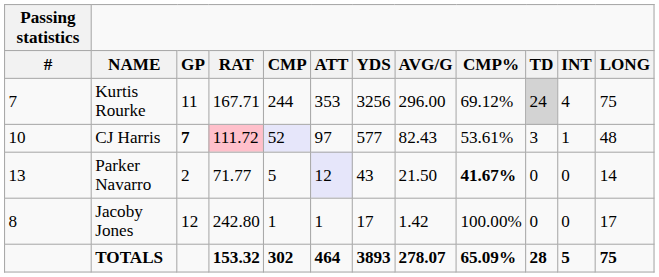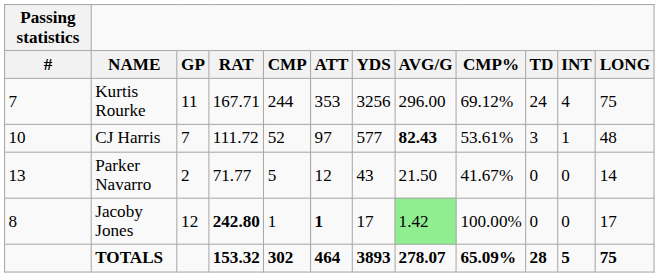 <table class="wikitable collapsible">
 <tr>
 <th style="text-align:center; ">Passing statistics</th>
 </tr>
 <tr>
 <th>#</th>
 <th>NAME</th>
 <th>GP</th>
 <th>RAT</th>
 <th>CMP</th>
 <th>ATT</th>
 <th>YDS</th>
 <th>AVG/G</th>
 <th>CMP%</th>
 <th>TD</th>
 <th>INT</th>
 <th>LONG</th>
 </tr>
 <tr>
 <td>7</td>
 <td>Kurtis Rourke</td>
 <td>11</td>
 <td>167.71</td>
 <td>244</td>
 <td>353</td>
 <td>3256</td>
 <td>296.00</td>
 <td>69.12%</td>
-<td style="background: lightgrey;">24</td>
+<td>24</td>
 <td>4</td>
 <td>75</td>
 </tr>
 <tr>
 <td>10</td>
 <td>CJ Harris</td>
-<td><strong>7</strong></td>
-<td style="background: pink;">111.72</td>
-<td style="background: lavender;">52</td>
+<td>7</td>
+<td>111.72</td>
+<td>52</td>
 <td>97</td>
 <td>577</td>
-<td>82.43</td>
+<td><strong>82.43</strong></td>
 <td>53.61%</td>
 <td>3</td>
 <td>1</td>
 <td>48</td>
 </tr>
 <tr>
 <td>13</td>
 <td>Parker Navarro</td>
 <td>2</td>
 <td>71.77</td>
 <td>5</td>
-<td style="background: lavender;">12</td>
+<td>12</td>
 <td>43</td>
 <td>21.50</td>
-<td><strong>41.67%</strong></td>
+<td>41.67%</td>
 <td>0</td>
 <td>0</td>
 <td>14</td>
 </tr>
 <tr>
 <td>8</td>
 <td>Jacoby Jones</td>
 <td>12</td>
-<td>242.80</td>
+<td><strong>242.80</strong></td>
 <td>1</td>
-<td>1</td>
+<td><strong>1</strong></td>
 <td>17</td>
-<td>1.42</td>
+<td style="background: lightgreen;">1.42</td>
 <td>100.00%</td>
 <td>0</td>
 <td>0</td>
 <td>17</td>
 </tr>
 <tr>
 <td></td>
 <td><strong>TOTALS</strong></td>
 <td></td>
 <td><strong>153.32</strong></td>
 <td><strong>302</strong></td>
 <td><strong>464</strong></td>
 <td><strong>3893</strong></td>
 <td><strong>278.07</strong></td>
 <td><strong>65.09%</strong></td>
 <td><strong>28</strong></td>
 <td><strong>5</strong></td>
 <td><strong>75</strong></td>
 </tr>
 </table>
